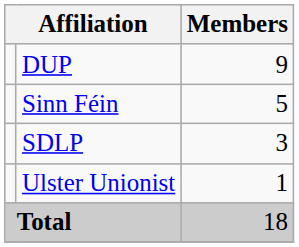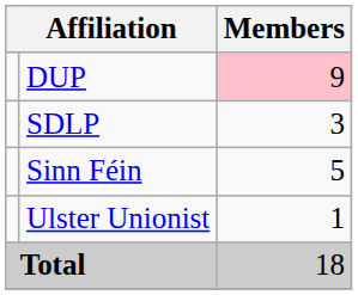 <table class="wikitable">
 <tr>
 <th colspan="2">Affiliation</th>
 <th>Members</th>
 </tr>
 <tr>
 <td style="color:inherit;background:"></td>
 <td><a href='#'>DUP</a></td>
-<td align="right">9</td>
+<td align="right" style="background: pink;">9</td>
+</tr>
+<tr>
+<td style="color:inherit;background:"></td>
+<td><a href='#'>SDLP</a></td>
+<td align="right">3</td>
 </tr>
 <tr>
 <td style="color:inherit;background:"></td>
 <td><a href='#'>Sinn Féin</a></td>
 <td align="right">5</td>
-</tr>
-<tr>
-<td style="color:inherit;background:"></td>
-<td><a href='#'>SDLP</a></td>
-<td align="right">3</td>
 </tr>
 <tr>
 <td style="color:inherit;background:"></td>
 <td><a href='#'>Ulster Unionist</a></td>
 <td align="right">1</td>
 </tr>
 <tr bgcolor="CCCCCC">
 <td colspan="2" rowspan="1"> <strong>Total</strong></td>
 <td align="right">18</td>
 </tr>
 <tr>
 </tr>
 </table>
